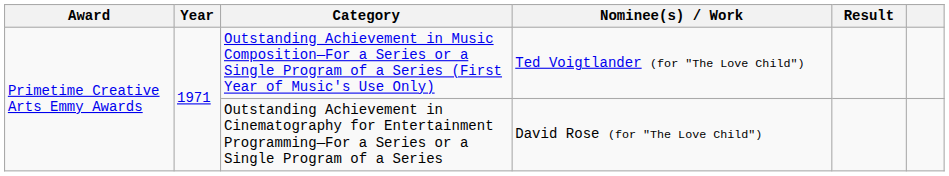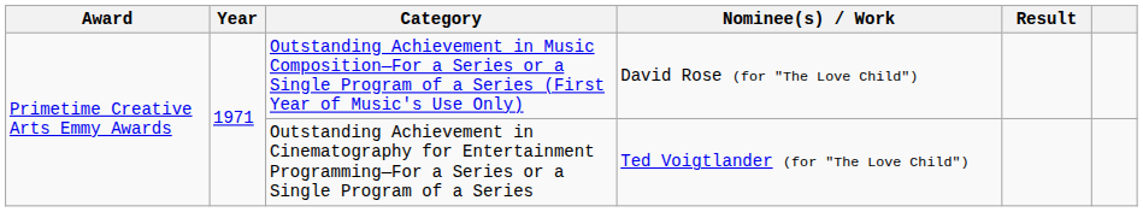 <table class="wikitable sortable plainrowheaders">
 <tr>
 <th scope="col" style="width:18%;">Award</th>
 <th scope="col" style="width:5%;">Year</th>
 <th scope="col" style="width:31%;">Category</th>
 <th scope="col" style="width:34%;">Nominee(s) / Work</th>
 <th scope="col" style="width:8%;">Result</th>
 <th scope="col" style="width:4%;" class="unsortable"></th>
 </tr>
 <tr>
 <td rowspan="2"><a href='#'>Primetime Creative Arts Emmy Awards</a></td>
 <td rowspan="2"><a href='#'>1971</a></td>
 <td><a href='#'>Outstanding Achievement in Music Composition—For a Series or a Single Program of a Series (First Year of Music's Use Only)</a></td>
-<td><a href='#'>Ted Voigtlander</a> <small>(for "The Love Child")</small></td>
+<td>David Rose <small>(for "The Love Child")</small></td>
 <td></td>
 <td style="text-align:center;"></td>
 </tr>
 <tr>
 <td>Outstanding Achievement in Cinematography for Entertainment Programming—For a Series or a Single Program of a Series</td>
-<td>David Rose <small>(for "The Love Child")</small></td>
+<td><a href='#'>Ted Voigtlander</a> <small>(for "The Love Child")</small></td>
 <td></td>
 <td style="text-align:center;"></td>
 </tr>
 </table>
